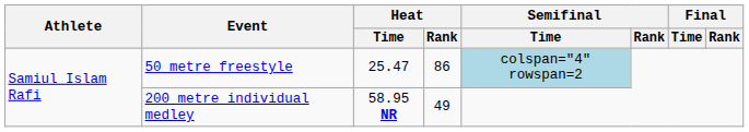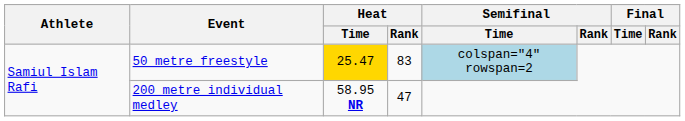 <table class="wikitable" style="text-align:center; font-size:90%; width:50%;">
 <tr>
 <th rowspan="2">Athlete</th>
 <th rowspan="2">Event</th>
 <th colspan="2">Heat</th>
 <th colspan="2">Semifinal</th>
 <th colspan="2">Final</th>
 </tr>
 <tr style="font-size:95%">
 <th>Time</th>
 <th>Rank</th>
 <th>Time</th>
 <th>Rank</th>
 <th>Time</th>
 <th>Rank</th>
 </tr>
 <tr>
 <td align=left rowspan=2><a href='#'>Samiul Islam Rafi</a></td>
 <td align=left><a href='#'>50 metre freestyle</a></td>
-<td>25.47</td>
-<td>86</td>
+<td style="background: gold;">25.47</td>
+<td>83</td>
 <td style="background: lightblue;">colspan="4" rowspan=2</td>
 </tr>
 <tr>
 <td align=left><a href='#'>200 metre individual medley</a></td>
 <td>58.95 <strong><a href='#'>NR</a></strong></td>
-<td>49</td>
+<td>47</td>
 </tr>
 </table>
